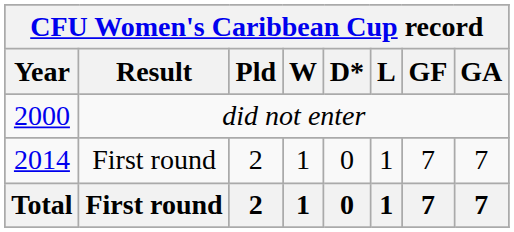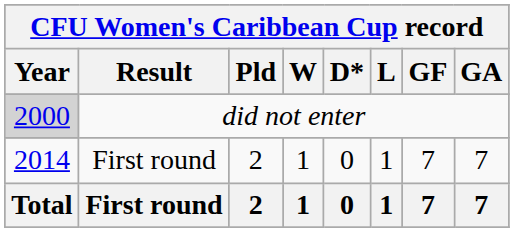 <table class="wikitable" style="text-align: center;">
 <tr>
 <th colspan=8><a href='#'>CFU Women's Caribbean Cup</a> record</th>
 </tr>
 <tr>
 <th>Year</th>
 <th>Result</th>
 <th>Pld</th>
 <th>W</th>
 <th>D*</th>
 <th>L</th>
 <th>GF</th>
 <th>GA</th>
 </tr>
 <tr>
-<td> <a href='#'>2000</a></td>
+<td style="background: lightgrey;"> <a href='#'>2000</a></td>
 <td colspan=7><em>did not enter</em></td>
 </tr>
 <tr>
 <td> <a href='#'>2014</a></td>
 <td>First round</td>
 <td>2</td>
 <td>1</td>
 <td>0</td>
 <td>1</td>
 <td>7</td>
 <td>7</td>
 </tr>
 <tr>
 <th>Total</th>
 <th>First round</th>
 <th>2</th>
 <th>1</th>
 <th>0</th>
 <th>1</th>
 <th>7</th>
 <th>7</th>
 </tr>
 </table>
